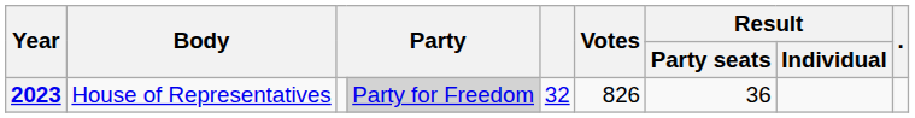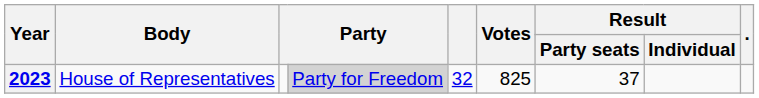 <table class="wikitable plainrowheaders sortable" border=2 cellpadding=4 cellspacing=0 style="border: 1px #aaa solid; font-size: 90%; text-align:center;">
 <tr>
 <th scope="col" rowspan=2>Year</th>
 <th scope="col" rowspan=2>Body</th>
 <th scope="col" colspan=2 rowspan=2>Party</th>
 <th scope="col" rowspan=2></th>
 <th scope="col" rowspan=2>Votes</th>
 <th scope="colgroup" colspan=2>Result</th>
 <th scope="col" rowspan=2 class="unsortable">.</th>
 </tr>
 <tr>
 <th scope="col">Party seats</th>
 <th scope="col">Individual</th>
 </tr>
 <tr>
 <th scope="row"><a href='#'>2023</a></th>
 <td><a href='#'>House of Representatives</a></td>
 <td style="background-color:"></td>
 <td style="background: lightgrey;"><a href='#'>Party for Freedom</a></td>
 <td style=text-align:right><a href='#'>32</a></td>
-<td style=text-align:right>826</td>
-<td style=text-align:right>36</td>
+<td style=text-align:right>825</td>
+<td style=text-align:right>37</td>
 <td></td>
 <td></td>
 </tr>
 </table>
